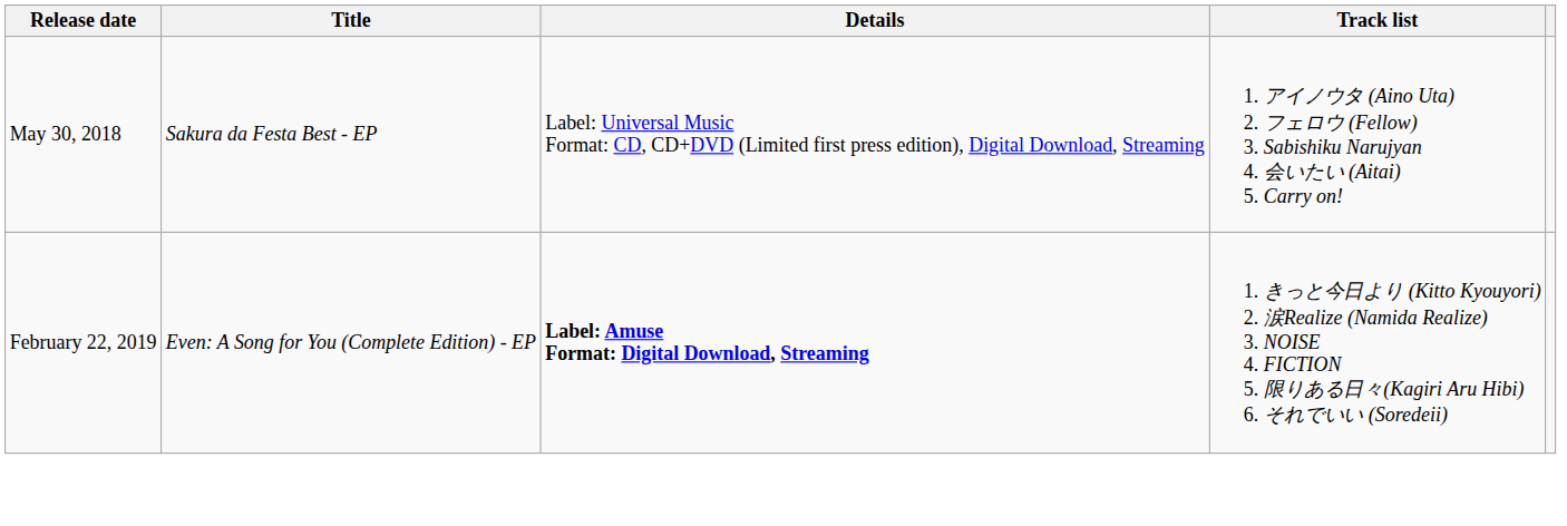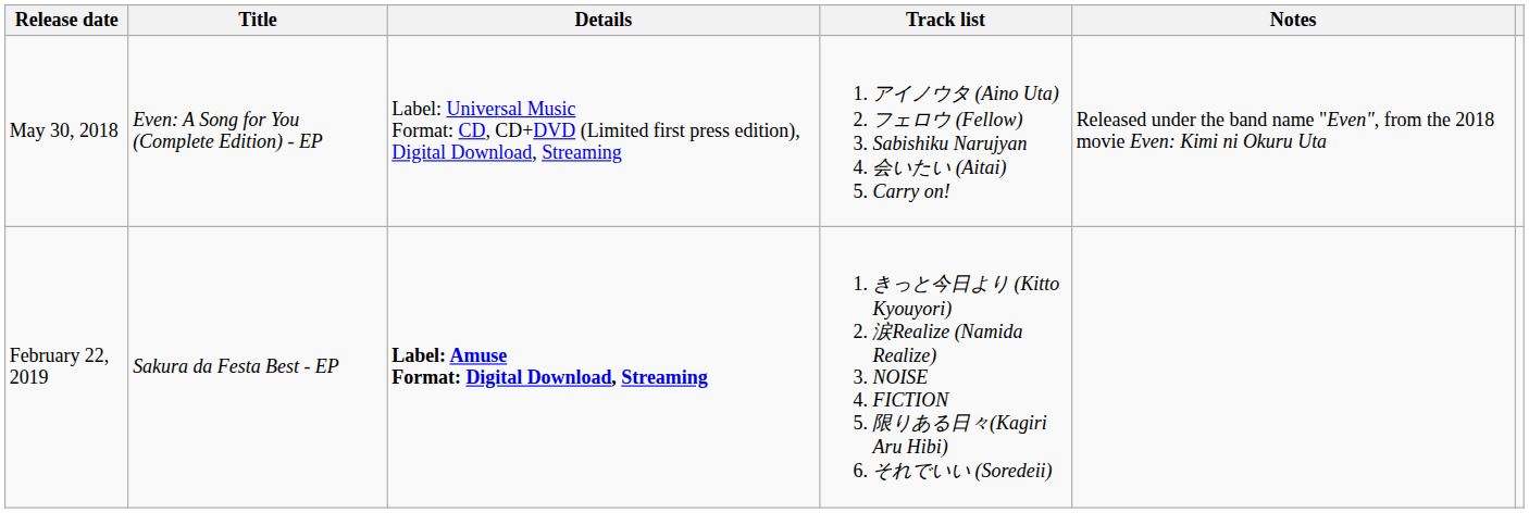 <table class="wikitable">
 <tr>
 <th>Release date</th>
 <th>Title</th>
 <th>Details</th>
 <th>Track list</th>
+<th>Notes</th>
 <th></th>
 </tr>
 <tr>
 <td>May 30, 2018</td>
-<td><em>Sakura da Festa Best - EP</em></td>
+<td><em>Even: A Song for You (Complete Edition) - EP</em></td>
 <td>Label: <a href='#'>Universal Music</a><br>Format: <a href='#'>CD</a>, CD+<a href='#'>DVD</a> (Limited first press edition), <a href='#'>Digital Download</a>, <a href='#'>Streaming</a></td>
 <td><br><ol><li><em>アイノウタ (Aino Uta)</em></li><li><em>フェロウ (Fellow)</em></li><li><em>Sabishiku Narujyan</em></li><li><em>会いたい (Aitai)</em></li><li><em>Carry on!</em></li></ol></td>
+<td>Released under the band name "<em>Even"</em>, from the 2018 movie <em>Even: Kimi ni Okuru Uta</em></td>
 <td></td>
 </tr>
 <tr>
 <td>February 22, 2019</td>
-<td><em>Even: A Song for You (Complete Edition) - EP</em></td>
+<td><em>Sakura da Festa Best - EP</em></td>
 <td><strong>Label: <a href='#'>Amuse</a><br>Format: <a href='#'>Digital Download</a>, <a href='#'>Streaming</a></strong></td>
 <td><br><ol><li><em>きっと今日より (Kitto Kyouyori)</em></li><li><em>涙Realize (Namida Realize)</em></li><li><em>NOISE</em></li><li><em>FICTION</em></li><li><em>限りある日々(Kagiri Aru Hibi)</em></li><li><em>それでいい (Soredeii)</em></li></ol></td>
 <td></td>
+<td></td>
 </tr>
 </table>
